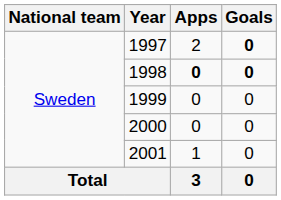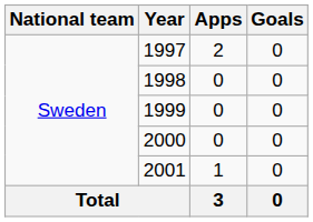 <table class="wikitable" style="text-align:center">
 <tr>
 <th>National team</th>
 <th>Year</th>
 <th>Apps</th>
 <th>Goals</th>
 </tr>
 <tr>
 <td rowspan="5"><a href='#'>Sweden</a></td>
 <td>1997</td>
 <td>2</td>
-<td><strong>0</strong></td>
+<td>0</td>
 </tr>
 <tr>
 <td>1998</td>
-<td><strong>0</strong></td>
-<td><strong>0</strong></td>
+<td>0</td>
+<td>0</td>
 </tr>
 <tr>
 <td>1999</td>
 <td>0</td>
 <td>0</td>
 </tr>
 <tr>
 <td>2000</td>
 <td>0</td>
 <td>0</td>
 </tr>
 <tr>
 <td>2001</td>
 <td>1</td>
 <td>0</td>
 </tr>
 <tr>
 <th colspan="2">Total</th>
 <th>3</th>
 <th>0</th>
 </tr>
 </table>
